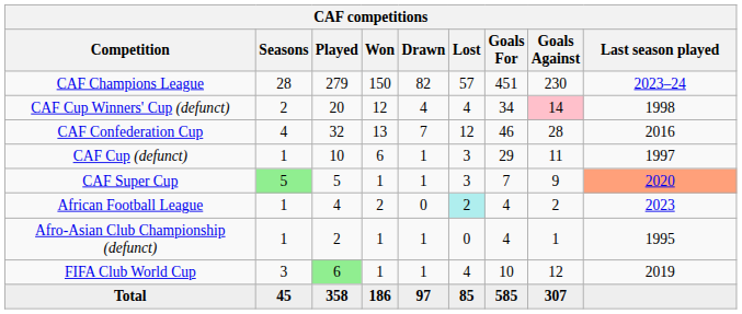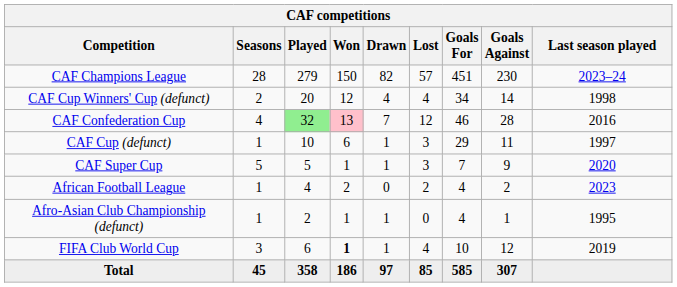 <table class="wikitable" style="font-size:95%; text-align: center;">
 <tr>
 <th colspan="9">CAF competitions</th>
 </tr>
 <tr>
 <th width="250">Competition</th>
 <th width="30">Seasons</th>
 <th width="30">Played</th>
 <th width="30">Won</th>
 <th width="30">Drawn</th>
 <th width="30">Lost</th>
 <th width="30">Goals For</th>
 <th width="30">Goals Against</th>
 <th width="150">Last season played</th>
 </tr>
 <tr>
 <td><a href='#'>CAF Champions League</a></td>
 <td>28</td>
 <td>279</td>
 <td>150</td>
 <td>82</td>
 <td>57</td>
 <td>451</td>
 <td>230</td>
 <td><a href='#'>2023–24</a></td>
 </tr>
 <tr>
 <td><a href='#'>CAF Cup Winners' Cup</a> <em>(defunct)</em></td>
 <td>2</td>
 <td>20</td>
 <td>12</td>
 <td>4</td>
 <td>4</td>
 <td>34</td>
-<td style="background: pink;">14</td>
+<td>14</td>
 <td>1998</td>
 </tr>
 <tr>
 <td><a href='#'>CAF Confederation Cup</a></td>
 <td>4</td>
-<td>32</td>
-<td>13</td>
+<td style="background: lightgreen;">32</td>
+<td style="background: pink;">13</td>
 <td>7</td>
 <td>12</td>
 <td>46</td>
 <td>28</td>
 <td>2016</td>
 </tr>
 <tr>
 <td><a href='#'>CAF Cup</a> <em>(defunct)</em></td>
 <td>1</td>
 <td>10</td>
 <td>6</td>
 <td>1</td>
 <td>3</td>
 <td>29</td>
 <td>11</td>
 <td>1997</td>
 </tr>
 <tr>
 <td><a href='#'>CAF Super Cup</a></td>
-<td style="background: lightgreen;">5</td>
+<td>5</td>
 <td>5</td>
 <td>1</td>
 <td>1</td>
 <td>3</td>
 <td>7</td>
 <td>9</td>
-<td style="background: lightsalmon;"><a href='#'>2020</a></td>
+<td><a href='#'>2020</a></td>
 </tr>
 <tr>
 <td><a href='#'>African Football League</a></td>
 <td>1</td>
 <td>4</td>
 <td>2</td>
 <td>0</td>
-<td style="background: paleturquoise;">2</td>
+<td>2</td>
 <td>4</td>
 <td>2</td>
 <td><a href='#'>2023</a></td>
 </tr>
 <tr>
 <td><a href='#'>Afro-Asian Club Championship</a> <em>(defunct)</em></td>
 <td>1</td>
 <td>2</td>
 <td>1</td>
 <td>1</td>
 <td>0</td>
 <td>4</td>
 <td>1</td>
 <td>1995</td>
 </tr>
 <tr>
 <td><a href='#'>FIFA Club World Cup</a></td>
 <td>3</td>
-<td style="background: lightgreen;">6</td>
-<td>1</td>
+<td>6</td>
+<td><strong>1</strong></td>
 <td>1</td>
 <td>4</td>
 <td>10</td>
 <td>12</td>
 <td>2019</td>
 </tr>
 <tr bgcolor=#EEEEEE>
 <td><strong>Total</strong></td>
 <td><strong>45</strong></td>
 <td><strong>358</strong></td>
 <td><strong>186</strong></td>
 <td><strong>97</strong></td>
 <td><strong>85</strong></td>
 <td><strong>585</strong></td>
 <td><strong>307</strong></td>
 <td></td>
 </tr>
 </table>
